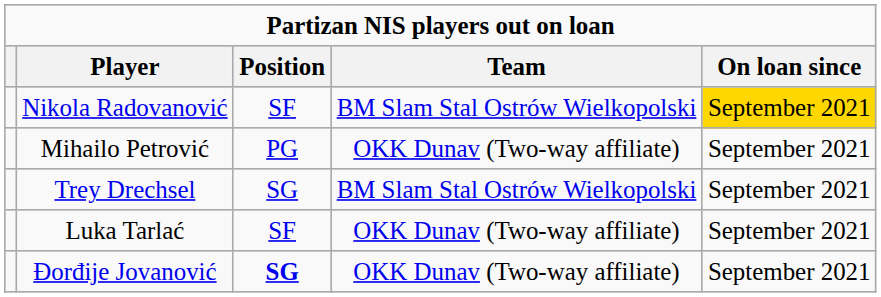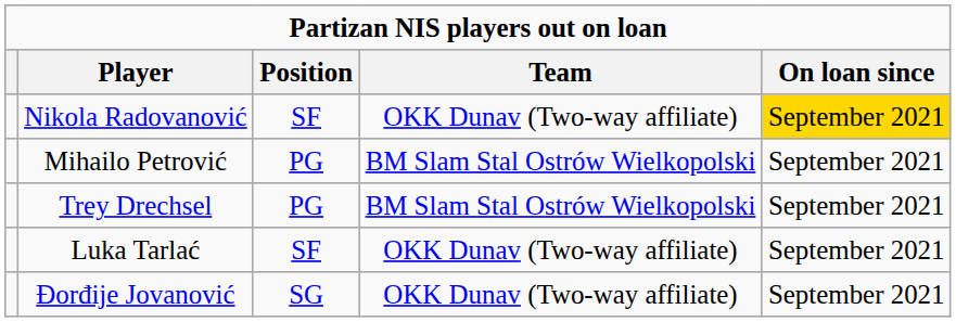 <table class="wikitable sortable" style="font-size: 95%; text-align:center;">
 <tr>
 <td colspan=6><strong>Partizan NIS players out on loan</strong></td>
 </tr>
 <tr>
 <th></th>
 <th>Player</th>
 <th>Position</th>
 <th>Team</th>
 <th>On loan since</th>
 </tr>
 <tr>
 <td></td>
 <td><a href='#'>Nikola Radovanović</a></td>
 <td><a href='#'>SF</a></td>
-<td> <a href='#'>BM Slam Stal Ostrów Wielkopolski</a></td>
+<td> <a href='#'>OKK Dunav</a> (Two-way affiliate)</td>
 <td style="background: gold;">September 2021</td>
 </tr>
 <tr>
 <td></td>
 <td>Mihailo Petrović</td>
 <td><a href='#'>PG</a></td>
-<td> <a href='#'>OKK Dunav</a> (Two-way affiliate)</td>
+<td> <a href='#'>BM Slam Stal Ostrów Wielkopolski</a></td>
 <td>September 2021</td>
 </tr>
 <tr>
 <td></td>
 <td><a href='#'>Trey Drechsel</a></td>
-<td><a href='#'>SG</a></td>
+<td><a href='#'>PG</a></td>
 <td> <a href='#'>BM Slam Stal Ostrów Wielkopolski</a></td>
 <td>September 2021</td>
 </tr>
 <tr>
 <td></td>
 <td>Luka Tarlać</td>
 <td><a href='#'>SF</a></td>
 <td> <a href='#'>OKK Dunav</a> (Two-way affiliate)</td>
 <td>September 2021</td>
 </tr>
 <tr>
 <td></td>
 <td><a href='#'>Đorđije Jovanović</a></td>
-<td><strong><a href='#'>SG</a></strong></td>
+<td><a href='#'>SG</a></td>
 <td> <a href='#'>OKK Dunav</a> (Two-way affiliate)</td>
 <td>September 2021</td>
 </tr>
 </table>
